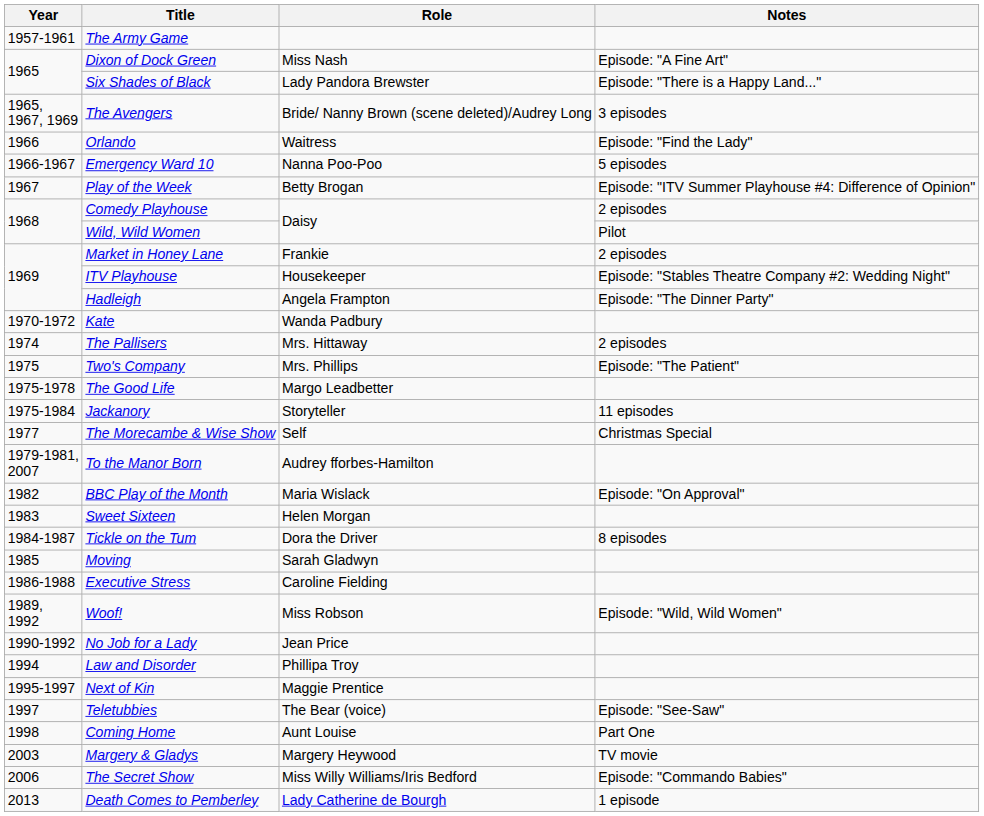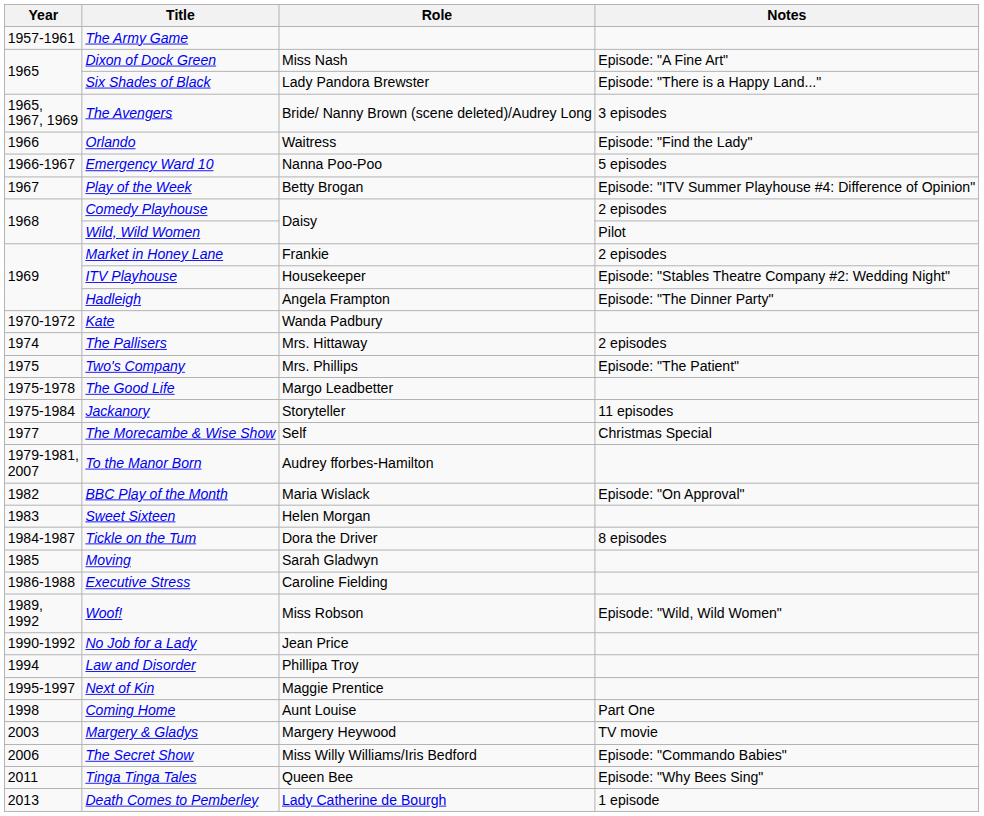 <table class="wikitable">
 <tr>
 <th>Year</th>
 <th>Title</th>
 <th>Role</th>
 <th>Notes</th>
 </tr>
 <tr>
 <td>1957-1961</td>
 <td><em><a href='#'>The Army Game</a></em></td>
 <td></td>
 <td></td>
 </tr>
 <tr>
 <td rowspan="2">1965</td>
 <td><em><a href='#'>Dixon of Dock Green</a></em></td>
 <td>Miss Nash</td>
 <td>Episode: "A Fine Art"</td>
 </tr>
 <tr>
 <td><em><a href='#'>Six Shades of Black</a></em></td>
 <td>Lady Pandora Brewster</td>
 <td>Episode: "There is a Happy Land..."</td>
 </tr>
 <tr>
 <td>1965,<br>1967, 1969</td>
 <td><a href='#'><em>The Avengers</em></a></td>
 <td>Bride/ Nanny Brown (scene deleted)/Audrey Long</td>
 <td>3 episodes</td>
 </tr>
 <tr>
 <td>1966</td>
 <td><a href='#'><em>Orlando</em></a></td>
 <td>Waitress</td>
 <td>Episode: "Find the Lady"</td>
 </tr>
 <tr>
 <td>1966-1967</td>
 <td><em><a href='#'>Emergency Ward 10</a></em></td>
 <td>Nanna Poo-Poo</td>
 <td>5 episodes</td>
 </tr>
 <tr>
 <td>1967</td>
 <td><a href='#'><em>Play of the Week</em></a></td>
 <td>Betty Brogan</td>
 <td>Episode: "ITV Summer Playhouse #4: Difference of Opinion"</td>
 </tr>
 <tr>
 <td rowspan="2">1968</td>
 <td><em><a href='#'>Comedy Playhouse</a></em></td>
 <td rowspan="2">Daisy</td>
 <td>2 episodes</td>
 </tr>
 <tr>
 <td><em><a href='#'>Wild, Wild Women</a></em></td>
 <td>Pilot</td>
 </tr>
 <tr>
 <td rowspan="3">1969</td>
 <td><em><a href='#'>Market in Honey Lane</a></em></td>
 <td>Frankie</td>
 <td>2 episodes</td>
 </tr>
 <tr>
 <td><em><a href='#'>ITV Playhouse</a></em></td>
 <td>Housekeeper</td>
 <td>Episode: "Stables Theatre Company #2: Wedding Night"</td>
 </tr>
 <tr>
 <td><a href='#'><em>Hadleigh</em></a></td>
 <td>Angela Frampton</td>
 <td>Episode: "The Dinner Party"</td>
 </tr>
 <tr>
 <td>1970-1972</td>
 <td><a href='#'><em>Kate</em></a></td>
 <td>Wanda Padbury</td>
 <td></td>
 </tr>
 <tr>
 <td>1974</td>
 <td><em><a href='#'>The Pallisers</a></em></td>
 <td>Mrs. Hittaway</td>
 <td>2 episodes</td>
 </tr>
 <tr>
 <td>1975</td>
 <td><a href='#'><em>Two's Company</em></a></td>
 <td>Mrs. Phillips</td>
 <td>Episode: "The Patient"</td>
 </tr>
 <tr>
 <td>1975-1978</td>
 <td><a href='#'><em>The Good Life</em></a></td>
 <td>Margo Leadbetter</td>
 <td></td>
 </tr>
 <tr>
 <td>1975-1984</td>
 <td><em><a href='#'>Jackanory</a></em></td>
 <td>Storyteller</td>
 <td>11 episodes</td>
 </tr>
 <tr>
 <td>1977</td>
 <td><a href='#'><em>The Morecambe & Wise Show</em></a></td>
 <td>Self</td>
 <td>Christmas Special</td>
 </tr>
 <tr>
 <td>1979-1981,<br>2007</td>
 <td><em><a href='#'>To the Manor Born</a></em></td>
 <td>Audrey fforbes-Hamilton</td>
 <td></td>
 </tr>
 <tr>
 <td>1982</td>
 <td><em><a href='#'>BBC Play of the Month</a></em></td>
 <td>Maria Wislack</td>
 <td>Episode: "On Approval"</td>
 </tr>
 <tr>
 <td>1983</td>
 <td><a href='#'><em>Sweet Sixteen</em></a></td>
 <td>Helen Morgan</td>
 <td></td>
 </tr>
 <tr>
 <td>1984-1987</td>
 <td><em><a href='#'>Tickle on the Tum</a></em></td>
 <td>Dora the Driver</td>
 <td>8 episodes</td>
 </tr>
 <tr>
 <td>1985</td>
 <td><em><a href='#'>Moving</a></em></td>
 <td>Sarah Gladwyn</td>
 <td></td>
 </tr>
 <tr>
 <td>1986-1988</td>
 <td><em><a href='#'>Executive Stress</a></em></td>
 <td>Caroline Fielding</td>
 <td></td>
 </tr>
 <tr>
 <td>1989,<br>1992</td>
 <td><em><a href='#'>Woof!</a></em></td>
 <td>Miss Robson</td>
 <td>Episode: "Wild, Wild Women"</td>
 </tr>
 <tr>
 <td>1990-1992</td>
 <td><em><a href='#'>No Job for a Lady</a></em></td>
 <td>Jean Price</td>
 <td></td>
 </tr>
 <tr>
 <td>1994</td>
 <td><a href='#'><em>Law and Disorder</em></a></td>
 <td>Phillipa Troy</td>
 <td></td>
 </tr>
 <tr>
 <td>1995-1997</td>
 <td><a href='#'><em>Next of Kin</em></a></td>
 <td>Maggie Prentice</td>
 <td></td>
 </tr>
 <tr>
-<td>1997</td>
-<td><em><a href='#'>Teletubbies</a></em></td>
-<td>The Bear (voice)</td>
-<td>Episode: "See-Saw"</td>
-</tr>
-<tr>
 <td>1998</td>
 <td><a href='#'><em>Coming Home</em></a></td>
 <td>Aunt Louise</td>
 <td>Part One</td>
 </tr>
 <tr>
 <td>2003</td>
 <td><em><a href='#'>Margery & Gladys</a></em></td>
 <td>Margery Heywood</td>
 <td>TV movie</td>
 </tr>
 <tr>
 <td>2006</td>
 <td><em><a href='#'>The Secret Show</a></em></td>
 <td>Miss Willy Williams/Iris Bedford</td>
 <td>Episode: "Commando Babies"</td>
 </tr>
 <tr>
+<td>2011</td>
+<td><em><a href='#'>Tinga Tinga Tales</a></em></td>
+<td>Queen Bee</td>
+<td>Episode: "Why Bees Sing"</td>
+</tr>
+<tr>
 <td>2013</td>
 <td><a href='#'><em>Death Comes to Pemberley</em></a></td>
 <td><a href='#'>Lady Catherine de Bourgh</a></td>
 <td>1 episode</td>
 </tr>
 </table>
